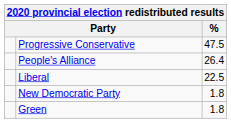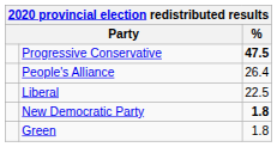 <table class="wikitable">
 <tr>
 <th colspan="4"><a href='#'>2020 provincial election</a> redistributed results</th>
 </tr>
 <tr>
 <th bgcolor="#DDDDFF" width="130px" colspan="2">Party</th>
 <th bgcolor="#DDDDFF" width="30px">%</th>
 </tr>
 <tr>
 <td> </td>
 <td><a href='#'>Progressive Conservative</a></td>
-<td align=right>47.5</td>
+<td align=right><strong>47.5</strong></td>
 </tr>
 <tr>
 <td> </td>
 <td><a href='#'>People's Alliance</a></td>
 <td align=right>26.4</td>
 </tr>
 <tr>
 <td> </td>
 <td><a href='#'>Liberal</a></td>
 <td align=right>22.5</td>
 </tr>
 <tr>
 <td> </td>
 <td><a href='#'>New Democratic Party</a></td>
-<td align=right>1.8</td>
+<td align=right><strong>1.8</strong></td>
 </tr>
 <tr>
 <td> </td>
 <td><a href='#'>Green</a></td>
 <td align=right>1.8</td>
 </tr>
 </table>
